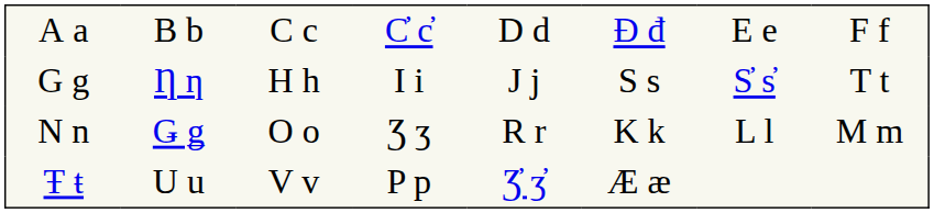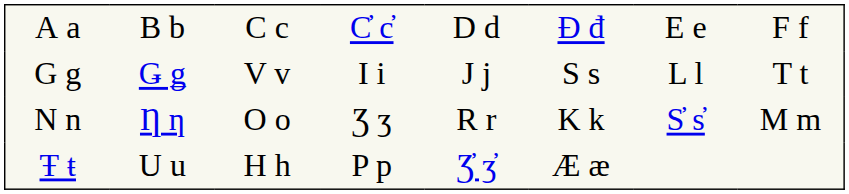 <table style="font-family:Arial Unicode MS; font-size:1.4em; border-color:#000000; border-width:1px; border-style:solid; border-collapse:collapse; background-color:#F8F8EF">
 <tr>
 <td style="width:3em; text-align:center; padding: 3px;">А а</td>
 <td style="width:3em; text-align:center; padding: 3px;">B b</td>
 <td style="width:3em; text-align:center; padding: 3px;">C c</td>
 <td style="width:3em; text-align:center; padding: 3px;"><a href='#'>C̓ c̓</a></td>
 <td style="width:3em; text-align:center; padding: 3px;">D d</td>
 <td style="width:3em; text-align:center; padding: 3px;"><a href='#'>Đ đ</a></td>
 <td style="width:3em; text-align:center; padding: 3px;">E e</td>
 <td style="width:3em; text-align:center; padding: 3px;">F f</td>
 </tr>
 <tr>
 <td style="width:3em; text-align:center; padding: 3px;">G g</td>
-<td style="width:3em; text-align:center; padding: 3px;"><a href='#'>Ƞ ƞ</a></td>
-<td style="width:3em; text-align:center; padding: 3px;">H h</td>
+<td style="width:3em; text-align:center; padding: 3px;"><a href='#'>Ǥ ǥ</a></td>
+<td style="width:3em; text-align:center; padding: 3px;">V v</td>
 <td style="width:3em; text-align:center; padding: 3px;">I i</td>
 <td style="width:3em; text-align:center; padding: 3px;">J j</td>
 <td style="width:3em; text-align:center; padding: 3px;">S s</td>
-<td style="width:3em; text-align:center; padding: 3px;"><a href='#'>S̓ s̓</a></td>
+<td style="width:3em; text-align:center; padding: 3px;">L l</td>
 <td style="width:3em; text-align:center; padding: 3px;">T t</td>
 </tr>
 <tr>
 <td style="width:3em; text-align:center; padding: 3px;">N n</td>
-<td style="width:3em; text-align:center; padding: 3px;"><a href='#'>Ǥ ǥ</a></td>
+<td style="width:3em; text-align:center; padding: 3px;"><a href='#'>Ƞ ƞ</a></td>
 <td style="width:3em; text-align:center; padding: 3px;">O o</td>
 <td style="width:3em; text-align:center; padding: 3px;">Ʒ ʒ</td>
 <td style="width:3em; text-align:center; padding: 3px;">R r</td>
 <td style="width:3em; text-align:center; padding: 3px;">K k</td>
-<td style="width:3em; text-align:center; padding: 3px;">L l</td>
+<td style="width:3em; text-align:center; padding: 3px;"><a href='#'>S̓ s̓</a></td>
 <td style="width:3em; text-align:center; padding: 3px;">M m</td>
 </tr>
 <tr>
 <td style="width:3em; text-align:center; padding: 3px;"><a href='#'>Ŧ ŧ</a></td>
 <td style="width:3em; text-align:center; padding: 3px;">U u</td>
-<td style="width:3em; text-align:center; padding: 3px;">V v</td>
+<td style="width:3em; text-align:center; padding: 3px;">H h</td>
 <td style="width:3em; text-align:center; padding: 3px;">P p</td>
 <td style="width:3em; text-align:center; padding: 3px;"><a href='#'>Ʒ̓ ʒ̓</a></td>
 <td style="width:3em; text-align:center; padding: 3px;">Æ æ</td>
 <td></td>
 <td></td>
 </tr>
 </table>
